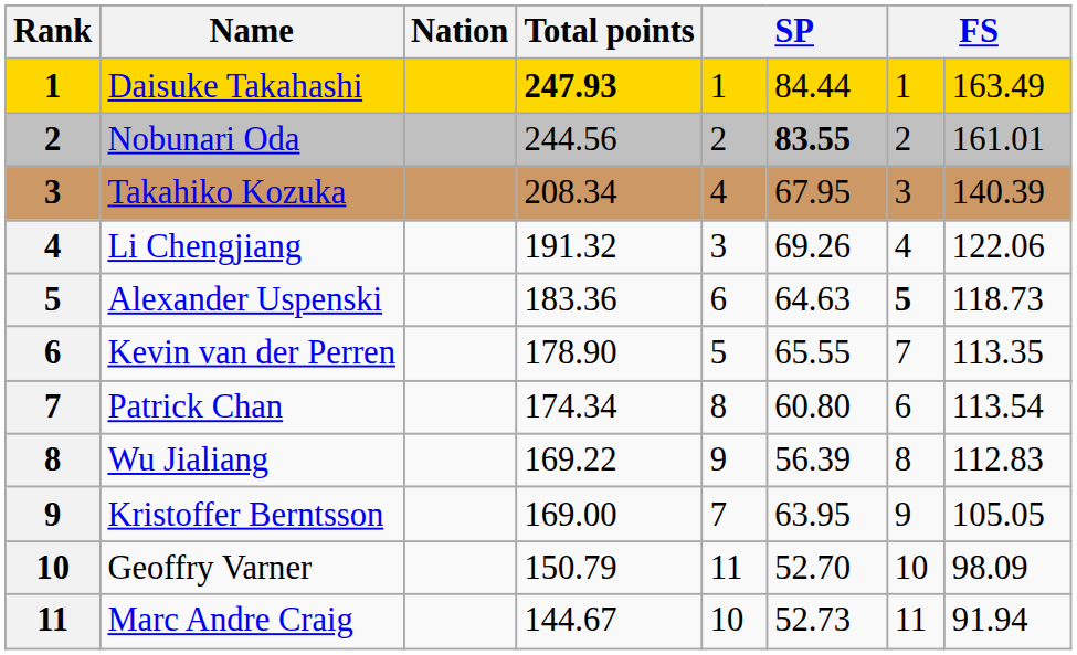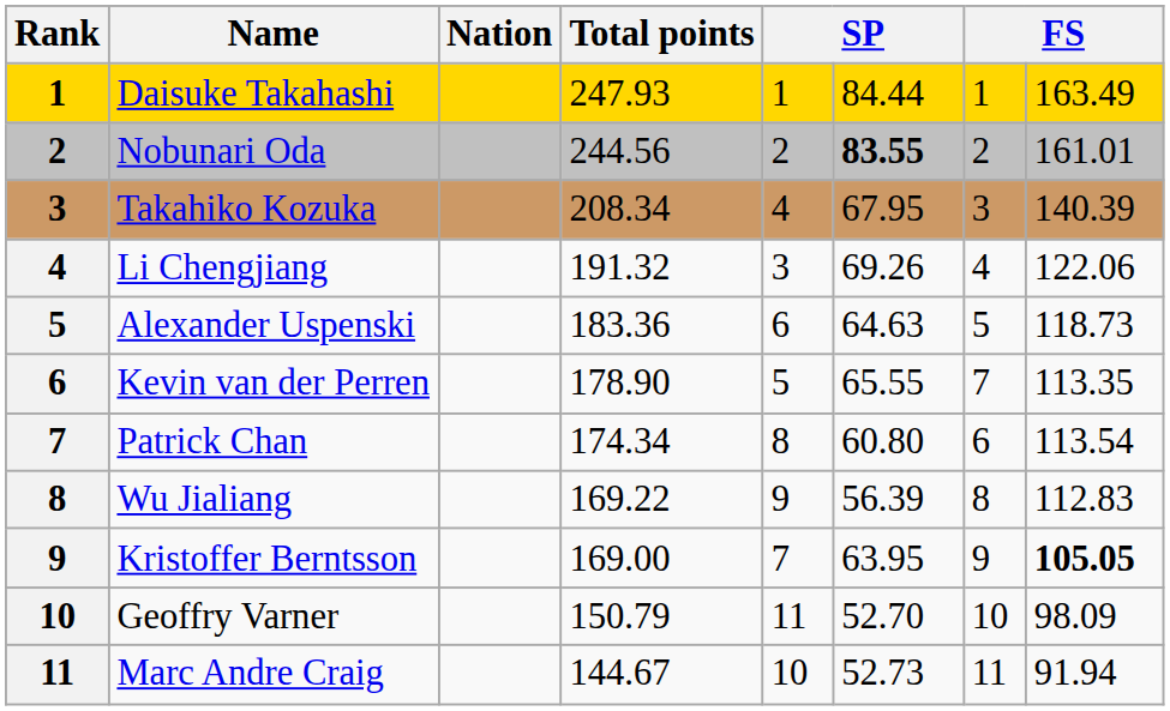 <table class="wikitable">
 <tr>
 <th>Rank</th>
 <th>Name</th>
 <th>Nation</th>
 <th>Total points</th>
 <th colspan="2" width="80px"><a href='#'>SP</a></th>
 <th colspan="2" width="80px"><a href='#'>FS</a></th>
 </tr>
 <tr bgcolor="gold">
 <td align="center"><strong>1</strong></td>
 <td><a href='#'>Daisuke Takahashi</a></td>
 <td></td>
-<td><strong>247.93</strong></td>
+<td>247.93</td>
 <td>1</td>
 <td>84.44</td>
 <td>1</td>
 <td>163.49</td>
 </tr>
 <tr bgcolor="silver">
 <td align="center"><strong>2</strong></td>
 <td><a href='#'>Nobunari Oda</a></td>
 <td></td>
 <td>244.56</td>
 <td>2</td>
 <td><strong>83.55</strong></td>
 <td>2</td>
 <td>161.01</td>
 </tr>
 <tr bgcolor="cc9966">
 <td align="center"><strong>3</strong></td>
 <td><a href='#'>Takahiko Kozuka</a></td>
 <td></td>
 <td>208.34</td>
 <td>4</td>
 <td>67.95</td>
 <td>3</td>
 <td>140.39</td>
 </tr>
 <tr>
 <th>4</th>
 <td><a href='#'>Li Chengjiang</a></td>
 <td></td>
 <td>191.32</td>
 <td>3</td>
 <td>69.26</td>
 <td>4</td>
 <td>122.06</td>
 </tr>
 <tr>
 <th>5</th>
 <td><a href='#'>Alexander Uspenski</a></td>
 <td></td>
 <td>183.36</td>
 <td>6</td>
 <td>64.63</td>
-<td><strong>5</strong></td>
+<td>5</td>
 <td>118.73</td>
 </tr>
 <tr>
 <th>6</th>
 <td><a href='#'>Kevin van der Perren</a></td>
 <td></td>
 <td>178.90</td>
 <td>5</td>
 <td>65.55</td>
 <td>7</td>
 <td>113.35</td>
 </tr>
 <tr>
 <th>7</th>
 <td><a href='#'>Patrick Chan</a></td>
 <td></td>
 <td>174.34</td>
 <td>8</td>
 <td>60.80</td>
 <td>6</td>
 <td>113.54</td>
 </tr>
 <tr>
 <th>8</th>
 <td><a href='#'>Wu Jialiang</a></td>
 <td></td>
 <td>169.22</td>
 <td>9</td>
 <td>56.39</td>
 <td>8</td>
 <td>112.83</td>
 </tr>
 <tr>
 <th>9</th>
 <td><a href='#'>Kristoffer Berntsson</a></td>
 <td></td>
 <td>169.00</td>
 <td>7</td>
 <td>63.95</td>
 <td>9</td>
-<td>105.05</td>
+<td><strong>105.05</strong></td>
 </tr>
 <tr>
 <th>10</th>
 <td>Geoffry Varner</td>
 <td></td>
 <td>150.79</td>
 <td>11</td>
 <td>52.70</td>
 <td>10</td>
 <td>98.09</td>
 </tr>
 <tr>
 <th>11</th>
 <td><a href='#'>Marc Andre Craig</a></td>
 <td></td>
 <td>144.67</td>
 <td>10</td>
 <td>52.73</td>
 <td>11</td>
 <td>91.94</td>
 </tr>
 </table>
